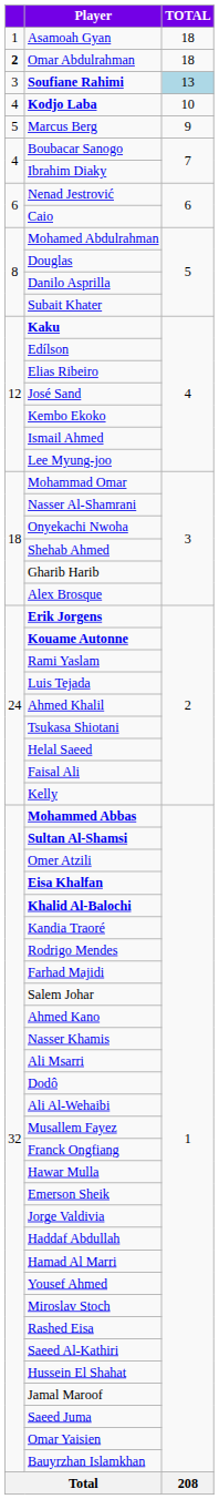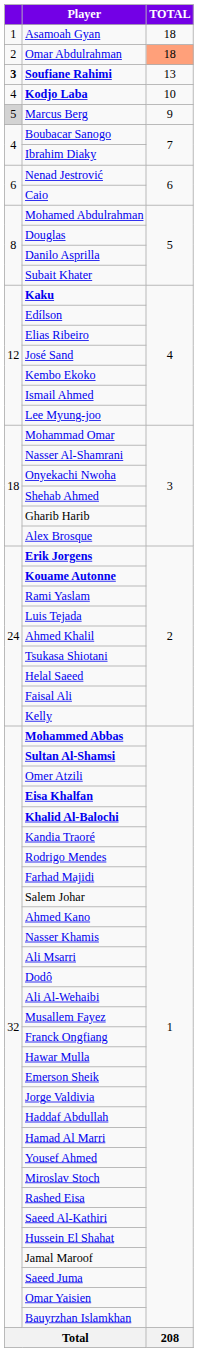 <table border="0" class="wikitable" style="text-align:center;font-size:95%">
 <tr>
 <th scope=col style="color:#FFFFFF; background:#7300E6;"></th>
 <th scope=col style="color:#FFFFFF; background:#7300E6;">Player</th>
 <th scope=col style="color:#FFFFFF; background:#7300E6;">TOTAL</th>
 </tr>
 <tr>
 <td>1</td>
 <td align=left> <a href='#'>Asamoah Gyan</a></td>
 <td align=center>18</td>
 </tr>
 <tr>
-<td><strong>2</strong></td>
+<td>2</td>
 <td align=left> <a href='#'>Omar Abdulrahman</a></td>
-<td align=center>18</td>
+<td align=center style="background: lightsalmon;">18</td>
 </tr>
 <tr>
-<td>3</td>
+<td><strong>3</strong></td>
 <td align=left> <strong><a href='#'>Soufiane Rahimi</a></strong></td>
-<td align=center style="background: lightblue;">13</td>
+<td align=center>13</td>
 </tr>
 <tr>
 <td>4</td>
 <td align=left> <strong><a href='#'>Kodjo Laba</a></strong></td>
 <td align=center>10</td>
 </tr>
 <tr>
-<td>5</td>
+<td style="background: lightgrey;">5</td>
 <td align=left> <a href='#'>Marcus Berg</a></td>
 <td align=center>9</td>
 </tr>
 <tr>
 <td rowspan=2>4</td>
 <td align=left> <a href='#'>Boubacar Sanogo</a></td>
 <td rowspan=2 align=center>7</td>
 </tr>
 <tr>
 <td align=left> <a href='#'>Ibrahim Diaky</a></td>
 </tr>
 <tr>
 <td rowspan=2>6</td>
 <td align=left> <a href='#'>Nenad Jestrović</a></td>
 <td rowspan=2 align=center>6</td>
 </tr>
 <tr>
 <td align=left> <a href='#'>Caio</a></td>
 </tr>
 <tr>
 <td rowspan=4>8</td>
 <td align=left> <a href='#'>Mohamed Abdulrahman</a></td>
 <td rowspan=4 align=center>5</td>
 </tr>
 <tr>
 <td align=left> <a href='#'>Douglas</a></td>
 </tr>
 <tr>
 <td align=left> <a href='#'>Danilo Asprilla</a></td>
 </tr>
 <tr>
 <td align=left> <a href='#'>Subait Khater</a></td>
 </tr>
 <tr>
 <td rowspan=7>12</td>
 <td align=left> <strong><a href='#'>Kaku</a></strong></td>
 <td rowspan=7 align=center>4</td>
 </tr>
 <tr>
 <td align=left> <a href='#'>Edílson</a></td>
 </tr>
 <tr>
 <td align=left> <a href='#'>Elias Ribeiro</a></td>
 </tr>
 <tr>
 <td align=left> <a href='#'>José Sand</a></td>
 </tr>
 <tr>
 <td align=left> <a href='#'>Kembo Ekoko</a></td>
 </tr>
 <tr>
 <td align=left> <a href='#'>Ismail Ahmed</a></td>
 </tr>
 <tr>
 <td align=left> <a href='#'>Lee Myung-joo</a></td>
 </tr>
 <tr>
 <td rowspan=6>18</td>
 <td align=left> <a href='#'>Mohammad Omar</a></td>
 <td rowspan=6 align=center>3</td>
 </tr>
 <tr>
 <td align=left> <a href='#'>Nasser Al-Shamrani</a></td>
 </tr>
 <tr>
 <td align=left> <a href='#'>Onyekachi Nwoha</a></td>
 </tr>
 <tr>
 <td align=left> <a href='#'>Shehab Ahmed</a></td>
 </tr>
 <tr>
 <td align=left> Gharib Harib</td>
 </tr>
 <tr>
 <td align=left> <a href='#'>Alex Brosque</a></td>
 </tr>
 <tr>
 <td rowspan=9>24</td>
 <td align=left> <strong><a href='#'>Erik Jorgens</a></strong></td>
 <td rowspan=9 align=center>2</td>
 </tr>
 <tr>
 <td align=left> <strong><a href='#'>Kouame Autonne</a></strong></td>
 </tr>
 <tr>
 <td align=left> <a href='#'>Rami Yaslam</a></td>
 </tr>
 <tr>
 <td align=left> <a href='#'>Luis Tejada</a></td>
 </tr>
 <tr>
 <td align=left> <a href='#'>Ahmed Khalil</a></td>
 </tr>
 <tr>
 <td align=left> <a href='#'>Tsukasa Shiotani</a></td>
 </tr>
 <tr>
 <td align=left> <a href='#'>Helal Saeed</a></td>
 </tr>
 <tr>
 <td align=left> <a href='#'>Faisal Ali</a></td>
 </tr>
 <tr>
 <td align=left> <a href='#'>Kelly</a></td>
 </tr>
 <tr>
 <td rowspan=30>32</td>
 <td align=left> <strong><a href='#'>Mohammed Abbas</a></strong></td>
 <td rowspan=30 align=center>1</td>
 </tr>
 <tr>
 <td align=left> <strong><a href='#'>Sultan Al-Shamsi</a></strong></td>
 </tr>
 <tr>
 <td align=left> <a href='#'>Omer Atzili</a></td>
 </tr>
 <tr>
 <td align=left> <strong><a href='#'>Eisa Khalfan</a></strong></td>
 </tr>
 <tr>
 <td align=left> <strong><a href='#'>Khalid Al-Balochi</a></strong></td>
 </tr>
 <tr>
 <td align=left> <a href='#'>Kandia Traoré</a></td>
 </tr>
 <tr>
 <td align=left> <a href='#'>Rodrigo Mendes</a></td>
 </tr>
 <tr>
 <td align=left> <a href='#'>Farhad Majidi</a></td>
 </tr>
 <tr>
 <td align=left> Salem Johar</td>
 </tr>
 <tr>
 <td align=left> <a href='#'>Ahmed Kano</a></td>
 </tr>
 <tr>
 <td align=left> <a href='#'>Nasser Khamis</a></td>
 </tr>
 <tr>
 <td align=left> <a href='#'>Ali Msarri</a></td>
 </tr>
 <tr>
 <td align=left> <a href='#'>Dodô</a></td>
 </tr>
 <tr>
 <td align=left> <a href='#'>Ali Al-Wehaibi</a></td>
 </tr>
 <tr>
 <td align=left> <a href='#'>Musallem Fayez</a></td>
 </tr>
 <tr>
 <td align=left> <a href='#'>Franck Ongfiang</a></td>
 </tr>
 <tr>
 <td align=left> <a href='#'>Hawar Mulla</a></td>
 </tr>
 <tr>
 <td align=left> <a href='#'>Emerson Sheik</a></td>
 </tr>
 <tr>
 <td align=left> <a href='#'>Jorge Valdivia</a></td>
 </tr>
 <tr>
 <td align=left> <a href='#'>Haddaf Abdullah</a></td>
 </tr>
 <tr>
 <td align=left> <a href='#'>Hamad Al Marri</a></td>
 </tr>
 <tr>
 <td align=left> <a href='#'>Yousef Ahmed</a></td>
 </tr>
 <tr>
 <td align=left> <a href='#'>Miroslav Stoch</a></td>
 </tr>
 <tr>
 <td align=left> <a href='#'>Rashed Eisa</a></td>
 </tr>
 <tr>
 <td align=left> <a href='#'>Saeed Al-Kathiri</a></td>
 </tr>
 <tr>
 <td align=left> <a href='#'>Hussein El Shahat</a></td>
 </tr>
 <tr>
 <td align=left> Jamal Maroof</td>
 </tr>
 <tr>
 <td align=left> <a href='#'>Saeed Juma</a></td>
 </tr>
 <tr>
 <td align=left> <a href='#'>Omar Yaisien</a></td>
 </tr>
 <tr>
 <td align=left> <a href='#'>Bauyrzhan Islamkhan</a></td>
 </tr>
 <tr>
 <th colspan="2">Total</th>
 <th>208</th>
 </tr>
 </table>
